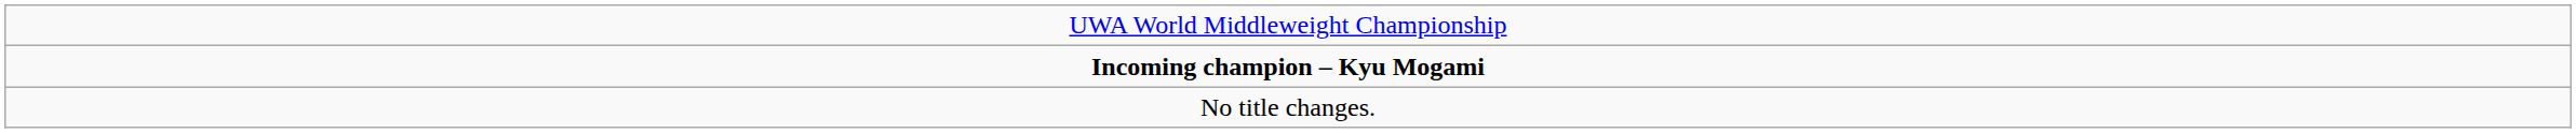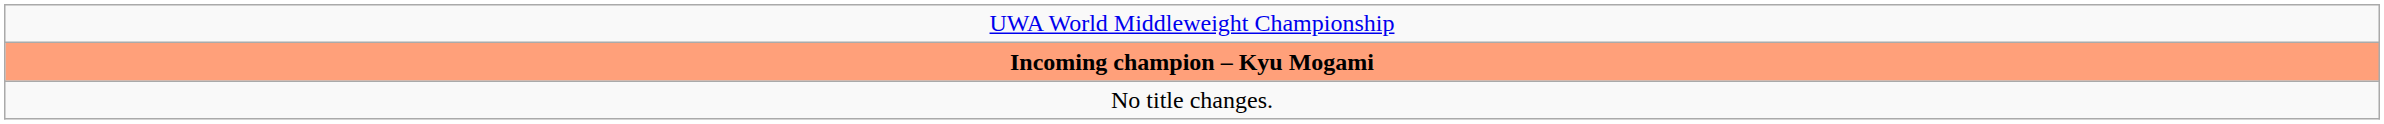 <table class="wikitable" style="text-align:center; width:100%;">
 <tr>
 <td style="text-align: center;"><a href='#'>UWA World Middleweight Championship</a></td>
 </tr>
 <tr>
-<td style="text-align: center;"><strong>Incoming champion – Kyu Mogami</strong></td>
+<td style="background: lightsalmon; text-align: center;"><strong>Incoming champion – Kyu Mogami</strong></td>
 </tr>
 <tr>
 <td>No title changes.</td>
 </tr>
 </table>
